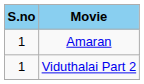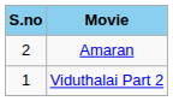 <table class="wikitable" style="text-align:center; font-size:85%; font-family: sans-serif; line-height:20px;">
 <tr>
 <th style="background:#89CFF0">S.no</th>
 <th style="background:#89CFF0">Movie</th>
 </tr>
 <tr>
-<td>1</td>
+<td>2</td>
 <td><a href='#'>Amaran</a></td>
 </tr>
 <tr>
 <td>1</td>
 <td><a href='#'>Viduthalai Part 2</a></td>
 </tr>
 <tr>
 </tr>
 </table>
